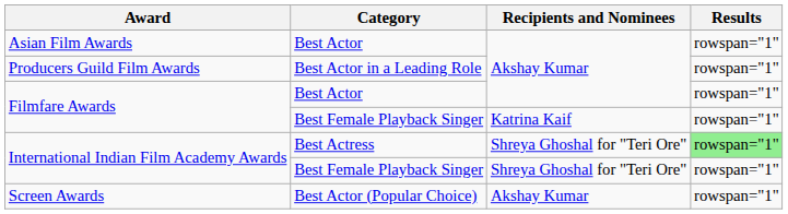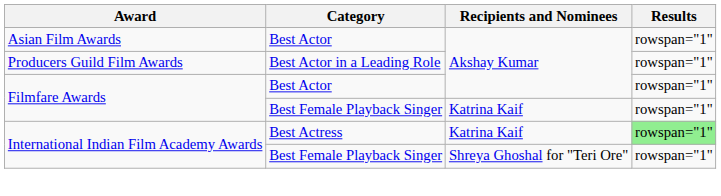 <table class="wikitable plainrowheaders sortable">
 <tr>
 <th>Award</th>
 <th>Category</th>
 <th>Recipients and Nominees</th>
 <th>Results</th>
 </tr>
 <tr>
 <td rowspan="1"><a href='#'>Asian Film Awards</a></td>
 <td><a href='#'>Best Actor</a></td>
 <td rowspan="3"><a href='#'>Akshay Kumar</a></td>
 <td>rowspan="1" </td>
 </tr>
 <tr>
 <td rowspan="1"><a href='#'>Producers Guild Film Awards</a></td>
 <td><a href='#'>Best Actor in a Leading Role</a></td>
 <td>rowspan="1" </td>
 </tr>
 <tr>
 <td rowspan="2"><a href='#'>Filmfare Awards</a></td>
 <td><a href='#'>Best Actor</a></td>
 <td>rowspan="1" </td>
 </tr>
 <tr>
 <td><a href='#'>Best Female Playback Singer</a></td>
 <td><a href='#'>Katrina Kaif</a></td>
 <td>rowspan="1" </td>
 </tr>
 <tr>
 <td rowspan="2"><a href='#'>International Indian Film Academy Awards</a></td>
 <td><a href='#'>Best Actress</a></td>
-<td><a href='#'>Shreya Ghoshal</a> for "Teri Ore"</td>
+<td><a href='#'>Katrina Kaif</a></td>
 <td style="background: lightgreen;">rowspan="1" </td>
 </tr>
 <tr>
 <td><a href='#'>Best Female Playback Singer</a></td>
 <td><a href='#'>Shreya Ghoshal</a> for "Teri Ore"</td>
 <td>rowspan="1" </td>
 </tr>
-<tr>
-<td rowspan="1"><a href='#'>Screen Awards</a></td>
-<td><a href='#'>Best Actor (Popular Choice)</a></td>
-<td><a href='#'>Akshay Kumar</a></td>
-<td>rowspan="1" </td>
-</tr>
 </table>
